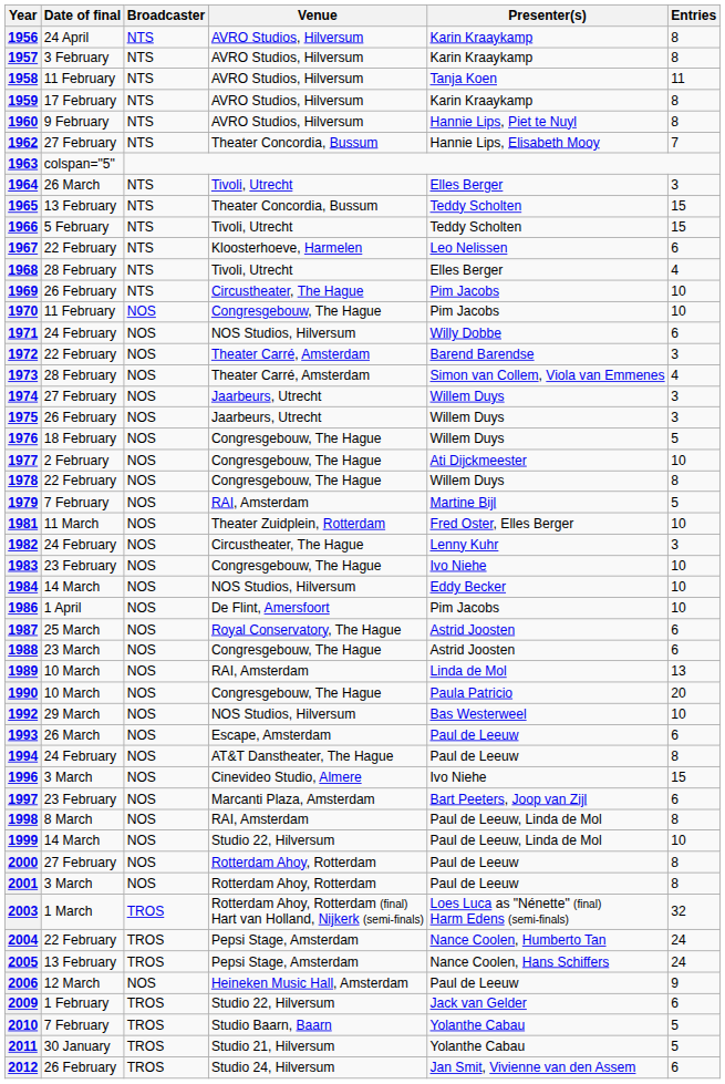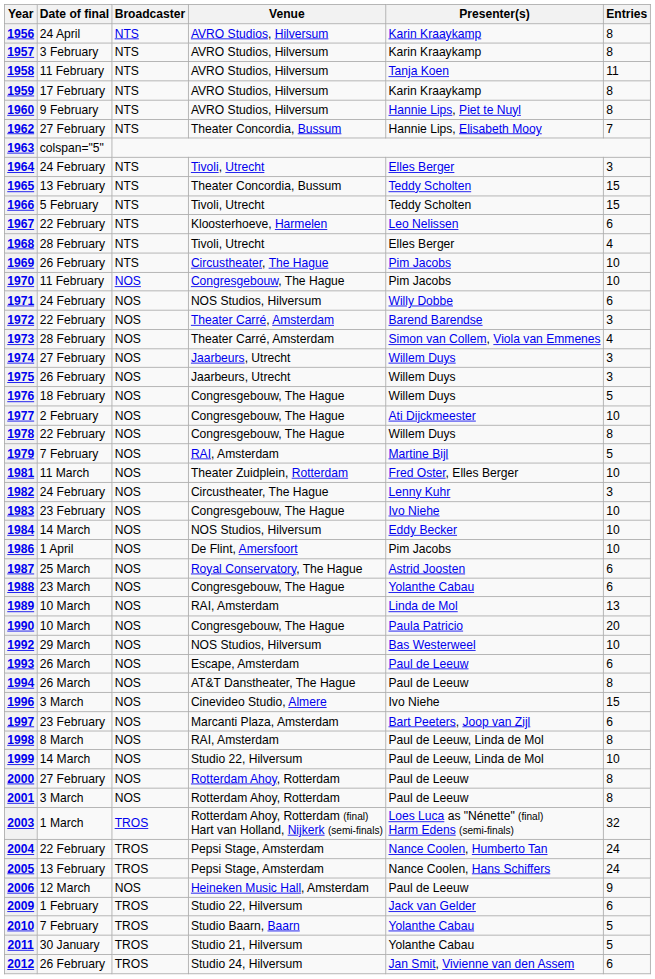 <table class="wikitable sortable plainrowheaders" style="font-size:90%">
 <tr>
 <th scope="col">Year</th>
 <th scope="col">Date of final</th>
 <th scope="col">Broadcaster</th>
 <th scope="col">Venue</th>
 <th scope="col">Presenter(s)</th>
 <th scope="col">Entries</th>
 </tr>
 <tr>
 <th scope="row"><a href='#'>1956</a></th>
 <td>24 April</td>
 <td><a href='#'>NTS</a></td>
 <td><a href='#'>AVRO Studios</a>, <a href='#'>Hilversum</a></td>
 <td><a href='#'>Karin Kraaykamp</a></td>
 <td>8</td>
 </tr>
 <tr>
 <th scope="row"><a href='#'>1957</a></th>
 <td>3 February</td>
 <td>NTS</td>
 <td>AVRO Studios, Hilversum</td>
 <td>Karin Kraaykamp</td>
 <td>8</td>
 </tr>
 <tr>
 <th scope="row"><a href='#'>1958</a></th>
 <td>11 February</td>
 <td>NTS</td>
 <td>AVRO Studios, Hilversum</td>
 <td><a href='#'>Tanja Koen</a></td>
 <td>11</td>
 </tr>
 <tr>
 <th scope="row"><a href='#'>1959</a></th>
 <td>17 February</td>
 <td>NTS</td>
 <td>AVRO Studios, Hilversum</td>
 <td>Karin Kraaykamp</td>
 <td>8</td>
 </tr>
 <tr>
 <th scope="row"><a href='#'>1960</a></th>
 <td>9 February</td>
 <td>NTS</td>
 <td>AVRO Studios, Hilversum</td>
 <td><a href='#'>Hannie Lips</a>, <a href='#'>Piet te Nuyl</a></td>
 <td>8</td>
 </tr>
 <tr>
 <th scope="row"><a href='#'>1962</a></th>
 <td>27 February</td>
 <td>NTS</td>
 <td>Theater Concordia, <a href='#'>Bussum</a></td>
 <td>Hannie Lips, <a href='#'>Elisabeth Mooy</a></td>
 <td>7</td>
 </tr>
 <tr>
 <th scope="row"><a href='#'>1963</a></th>
 <td>colspan="5" </td>
 </tr>
 <tr>
 <th scope="row"><a href='#'>1964</a></th>
-<td>26 March</td>
+<td>24 February</td>
 <td>NTS</td>
 <td><a href='#'>Tivoli</a>, <a href='#'>Utrecht</a></td>
 <td><a href='#'>Elles Berger</a></td>
 <td>3</td>
 </tr>
 <tr>
 <th scope="row"><a href='#'>1965</a></th>
 <td>13 February</td>
 <td>NTS</td>
 <td>Theater Concordia, Bussum</td>
 <td><a href='#'>Teddy Scholten</a></td>
 <td>15</td>
 </tr>
 <tr>
 <th scope="row"><a href='#'>1966</a></th>
 <td>5 February</td>
 <td>NTS</td>
 <td>Tivoli, Utrecht</td>
 <td>Teddy Scholten</td>
 <td>15</td>
 </tr>
 <tr>
 <th scope="row"><a href='#'>1967</a></th>
 <td>22 February</td>
 <td>NTS</td>
 <td>Kloosterhoeve, <a href='#'>Harmelen</a></td>
 <td><a href='#'>Leo Nelissen</a></td>
 <td>6</td>
 </tr>
 <tr>
 <th scope="row"><a href='#'>1968</a></th>
 <td>28 February</td>
 <td>NTS</td>
 <td>Tivoli, Utrecht</td>
 <td>Elles Berger</td>
 <td>4</td>
 </tr>
 <tr>
 <th scope="row"><a href='#'>1969</a></th>
 <td>26 February</td>
 <td>NTS</td>
 <td><a href='#'>Circustheater</a>, <a href='#'>The Hague</a></td>
 <td><a href='#'>Pim Jacobs</a></td>
 <td>10</td>
 </tr>
 <tr>
 <th scope="row"><a href='#'>1970</a></th>
 <td>11 February</td>
 <td><a href='#'>NOS</a></td>
 <td><a href='#'>Congresgebouw</a>, The Hague</td>
 <td>Pim Jacobs</td>
 <td>10</td>
 </tr>
 <tr>
 <th scope="row"><a href='#'>1971</a></th>
 <td>24 February</td>
 <td>NOS</td>
 <td>NOS Studios, Hilversum</td>
 <td><a href='#'>Willy Dobbe</a></td>
 <td>6</td>
 </tr>
 <tr>
 <th scope="row"><a href='#'>1972</a></th>
 <td>22 February</td>
 <td>NOS</td>
 <td><a href='#'>Theater Carré</a>, <a href='#'>Amsterdam</a></td>
 <td><a href='#'>Barend Barendse</a></td>
 <td>3</td>
 </tr>
 <tr>
 <th scope="row"><a href='#'>1973</a></th>
 <td>28 February</td>
 <td>NOS</td>
 <td>Theater Carré, Amsterdam</td>
 <td><a href='#'>Simon van Collem</a>, <a href='#'>Viola van Emmenes</a></td>
 <td>4</td>
 </tr>
 <tr>
 <th scope="row"><a href='#'>1974</a></th>
 <td>27 February</td>
 <td>NOS</td>
 <td><a href='#'>Jaarbeurs</a>, Utrecht</td>
 <td><a href='#'>Willem Duys</a></td>
 <td>3</td>
 </tr>
 <tr>
 <th scope="row"><a href='#'>1975</a></th>
 <td>26 February</td>
 <td>NOS</td>
 <td>Jaarbeurs, Utrecht</td>
 <td>Willem Duys</td>
 <td>3</td>
 </tr>
 <tr>
 <th scope="row"><a href='#'>1976</a></th>
 <td>18 February</td>
 <td>NOS</td>
 <td>Congresgebouw, The Hague</td>
 <td>Willem Duys</td>
 <td>5</td>
 </tr>
 <tr>
 <th scope="row"><a href='#'>1977</a></th>
 <td>2 February</td>
 <td>NOS</td>
 <td>Congresgebouw, The Hague</td>
 <td><a href='#'>Ati Dijckmeester</a></td>
 <td>10</td>
 </tr>
 <tr>
 <th scope="row"><a href='#'>1978</a></th>
 <td>22 February</td>
 <td>NOS</td>
 <td>Congresgebouw, The Hague</td>
 <td>Willem Duys</td>
 <td>8</td>
 </tr>
 <tr>
 <th scope="row"><a href='#'>1979</a></th>
 <td>7 February</td>
 <td>NOS</td>
 <td><a href='#'>RAI</a>, Amsterdam</td>
 <td><a href='#'>Martine Bijl</a></td>
 <td>5</td>
 </tr>
 <tr>
 <th scope="row"><a href='#'>1981</a></th>
 <td>11 March</td>
 <td>NOS</td>
 <td>Theater Zuidplein, <a href='#'>Rotterdam</a></td>
 <td><a href='#'>Fred Oster</a>, Elles Berger</td>
 <td>10</td>
 </tr>
 <tr>
 <th scope="row"><a href='#'>1982</a></th>
 <td>24 February</td>
 <td>NOS</td>
 <td>Circustheater, The Hague</td>
 <td><a href='#'>Lenny Kuhr</a></td>
 <td>3</td>
 </tr>
 <tr>
 <th scope="row"><a href='#'>1983</a></th>
 <td>23 February</td>
 <td>NOS</td>
 <td>Congresgebouw, The Hague</td>
 <td><a href='#'>Ivo Niehe</a></td>
 <td>10</td>
 </tr>
 <tr>
 <th scope="row"><a href='#'>1984</a></th>
 <td>14 March</td>
 <td>NOS</td>
 <td>NOS Studios, Hilversum</td>
 <td><a href='#'>Eddy Becker</a></td>
 <td>10</td>
 </tr>
 <tr>
 <th scope="row"><a href='#'>1986</a></th>
 <td>1 April</td>
 <td>NOS</td>
 <td>De Flint, <a href='#'>Amersfoort</a></td>
 <td>Pim Jacobs</td>
 <td>10</td>
 </tr>
 <tr>
 <th scope="row"><a href='#'>1987</a></th>
 <td>25 March</td>
 <td>NOS</td>
 <td><a href='#'>Royal Conservatory</a>, The Hague</td>
 <td><a href='#'>Astrid Joosten</a></td>
 <td>6</td>
 </tr>
 <tr>
 <th scope="row"><a href='#'>1988</a></th>
 <td>23 March</td>
 <td>NOS</td>
 <td>Congresgebouw, The Hague</td>
-<td>Astrid Joosten</td>
+<td><a href='#'>Yolanthe Cabau</a></td>
 <td>6</td>
 </tr>
 <tr>
 <th scope="row"><a href='#'>1989</a></th>
 <td>10 March</td>
 <td>NOS</td>
 <td>RAI, Amsterdam</td>
 <td><a href='#'>Linda de Mol</a></td>
 <td>13</td>
 </tr>
 <tr>
 <th scope="row"><a href='#'>1990</a></th>
 <td>10 March</td>
 <td>NOS</td>
 <td>Congresgebouw, The Hague</td>
 <td><a href='#'>Paula Patricio</a></td>
 <td>20</td>
 </tr>
 <tr>
 <th scope="row"><a href='#'>1992</a></th>
 <td>29 March</td>
 <td>NOS</td>
 <td>NOS Studios, Hilversum</td>
 <td><a href='#'>Bas Westerweel</a></td>
 <td>10</td>
 </tr>
 <tr>
 <th scope="row"><a href='#'>1993</a></th>
 <td>26 March</td>
 <td>NOS</td>
 <td>Escape, Amsterdam</td>
 <td><a href='#'>Paul de Leeuw</a></td>
 <td>6</td>
 </tr>
 <tr>
 <th scope="row"><a href='#'>1994</a></th>
-<td>24 February</td>
+<td>26 March</td>
 <td>NOS</td>
 <td>AT&T Danstheater, The Hague</td>
 <td>Paul de Leeuw</td>
 <td>8</td>
 </tr>
 <tr>
 <th scope="row"><a href='#'>1996</a></th>
 <td>3 March</td>
 <td>NOS</td>
 <td>Cinevideo Studio, <a href='#'>Almere</a></td>
 <td>Ivo Niehe</td>
 <td>15</td>
 </tr>
 <tr>
 <th scope="row"><a href='#'>1997</a></th>
 <td>23 February</td>
 <td>NOS</td>
 <td>Marcanti Plaza, Amsterdam</td>
 <td><a href='#'>Bart Peeters</a>, <a href='#'>Joop van Zijl</a></td>
 <td>6</td>
 </tr>
 <tr>
 <th scope="row"><a href='#'>1998</a></th>
 <td>8 March</td>
 <td>NOS</td>
 <td>RAI, Amsterdam</td>
 <td>Paul de Leeuw, Linda de Mol</td>
 <td>8</td>
 </tr>
 <tr>
 <th scope="row"><a href='#'>1999</a></th>
 <td>14 March</td>
 <td>NOS</td>
 <td>Studio 22, Hilversum</td>
 <td>Paul de Leeuw, Linda de Mol</td>
 <td>10</td>
 </tr>
 <tr>
 <th scope="row"><a href='#'>2000</a></th>
 <td>27 February</td>
 <td>NOS</td>
 <td><a href='#'>Rotterdam Ahoy</a>, Rotterdam</td>
 <td>Paul de Leeuw</td>
 <td>8</td>
 </tr>
 <tr>
 <th scope="row"><a href='#'>2001</a></th>
 <td>3 March</td>
 <td>NOS</td>
 <td>Rotterdam Ahoy, Rotterdam</td>
 <td>Paul de Leeuw</td>
 <td>8</td>
 </tr>
 <tr>
 <th scope="row"><a href='#'>2003</a></th>
 <td>1 March</td>
 <td><a href='#'>TROS</a></td>
 <td>Rotterdam Ahoy, Rotterdam <small>(final)</small> <br> Hart van Holland, <a href='#'>Nijkerk</a> <small>(semi-finals)</small></td>
 <td><a href='#'>Loes Luca</a> as "Nénette" <small>(final)</small> <br> <a href='#'>Harm Edens</a> <small>(semi-finals)</small></td>
 <td>32</td>
 </tr>
 <tr>
 <th scope="row"><a href='#'>2004</a></th>
 <td>22 February</td>
 <td>TROS</td>
 <td>Pepsi Stage, Amsterdam</td>
 <td><a href='#'>Nance Coolen</a>, <a href='#'>Humberto Tan</a></td>
 <td>24</td>
 </tr>
 <tr>
 <th scope="row"><a href='#'>2005</a></th>
 <td>13 February</td>
 <td>TROS</td>
 <td>Pepsi Stage, Amsterdam</td>
 <td>Nance Coolen, <a href='#'>Hans Schiffers</a></td>
 <td>24</td>
 </tr>
 <tr>
 <th scope="row"><a href='#'>2006</a></th>
 <td>12 March</td>
 <td>NOS</td>
 <td><a href='#'>Heineken Music Hall</a>, Amsterdam</td>
 <td>Paul de Leeuw</td>
 <td>9</td>
 </tr>
 <tr>
 <th scope="row"><a href='#'>2009</a></th>
 <td>1 February</td>
 <td>TROS</td>
 <td>Studio 22, Hilversum</td>
 <td><a href='#'>Jack van Gelder</a></td>
 <td>6</td>
 </tr>
 <tr>
 <th scope="row"><a href='#'>2010</a></th>
 <td>7 February</td>
 <td>TROS</td>
 <td>Studio Baarn, <a href='#'>Baarn</a></td>
 <td><a href='#'>Yolanthe Cabau</a></td>
 <td>5</td>
 </tr>
 <tr>
 <th scope="row"><a href='#'>2011</a></th>
 <td>30 January</td>
 <td>TROS</td>
 <td>Studio 21, Hilversum</td>
 <td>Yolanthe Cabau</td>
 <td>5</td>
 </tr>
 <tr>
 <th scope="row"><a href='#'>2012</a></th>
 <td>26 February</td>
 <td>TROS</td>
 <td>Studio 24, Hilversum</td>
 <td><a href='#'>Jan Smit</a>, <a href='#'>Vivienne van den Assem</a></td>
 <td>6</td>
 </tr>
 </table>
